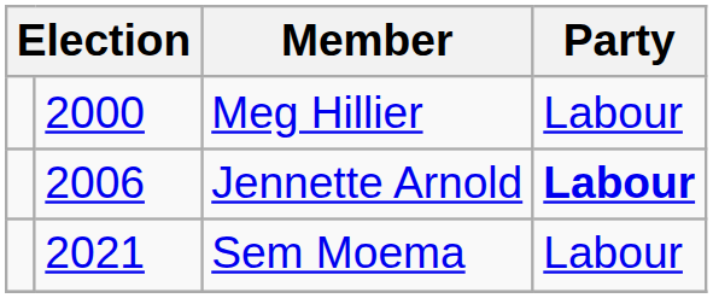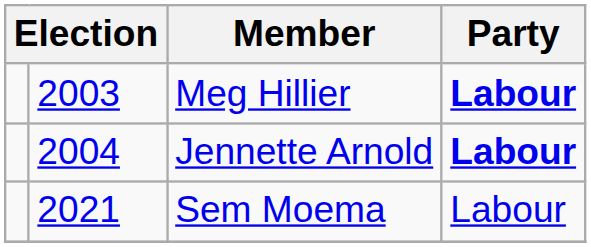 <table class="wikitable">
 <tr>
 <th colspan="2">Election</th>
 <th>Member</th>
 <th>Party</th>
 </tr>
 <tr>
 <td style="background-color: "></td>
-<td><a href='#'>2000</a></td>
+<td><a href='#'>2003</a></td>
 <td><a href='#'>Meg Hillier</a></td>
-<td><a href='#'>Labour</a></td>
+<td><strong><a href='#'>Labour</a></strong></td>
 </tr>
 <tr>
 <td style="background-color: "></td>
-<td><a href='#'>2006</a></td>
+<td><a href='#'>2004</a></td>
 <td><a href='#'>Jennette Arnold</a></td>
 <td><strong><a href='#'>Labour</a></strong></td>
 </tr>
 <tr>
 <td style="background-color: "></td>
 <td><a href='#'>2021</a></td>
 <td><a href='#'>Sem Moema</a></td>
 <td><a href='#'>Labour</a></td>
 </tr>
 <tr>
 </tr>
 </table>
